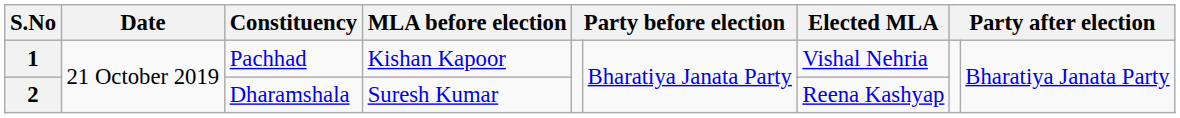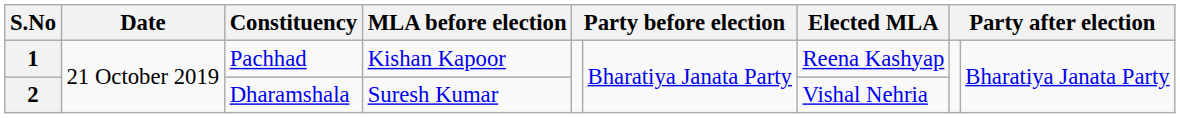 <table class="wikitable sortable">
 <tr>
 <th>S.No</th>
 <th>Date</th>
 <th>Constituency</th>
 <th>MLA before election</th>
 <th colspan="2">Party before election</th>
 <th>Elected MLA</th>
 <th colspan="2">Party after election</th>
 </tr>
 <tr>
 <th>1</th>
 <td rowspan="2">21 October 2019</td>
 <td><a href='#'>Pachhad</a></td>
 <td><a href='#'>Kishan Kapoor</a></td>
 <td rowspan="2"></td>
 <td rowspan="2"><a href='#'>Bharatiya Janata Party</a></td>
-<td><a href='#'>Vishal Nehria</a></td>
+<td><a href='#'>Reena Kashyap</a></td>
 <td rowspan="2"></td>
 <td rowspan="2"><a href='#'>Bharatiya Janata Party</a></td>
 </tr>
 <tr>
 <th>2</th>
 <td><a href='#'>Dharamshala</a></td>
 <td><a href='#'>Suresh Kumar</a></td>
-<td><a href='#'>Reena Kashyap</a></td>
+<td><a href='#'>Vishal Nehria</a></td>
 </tr>
 </table>
